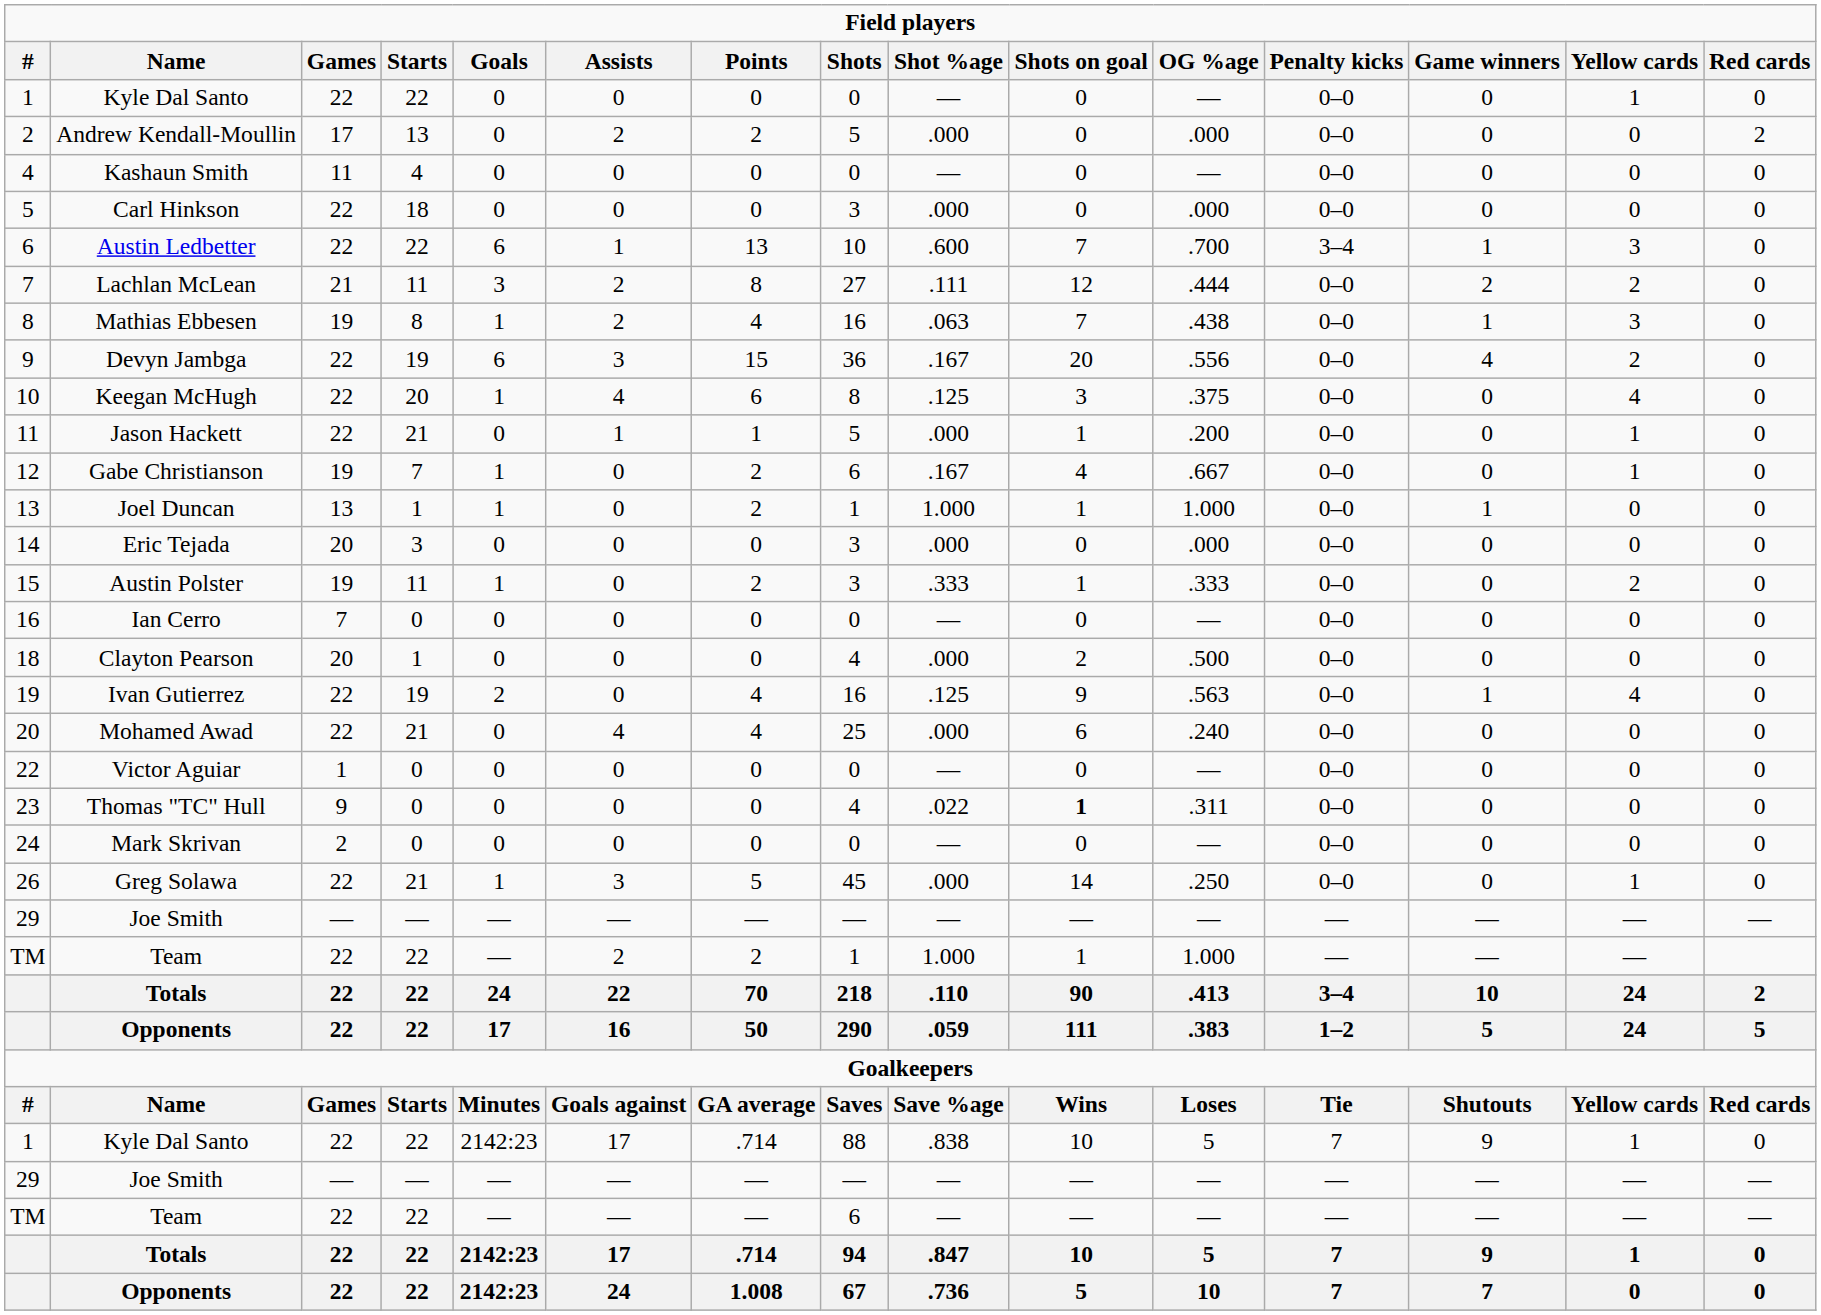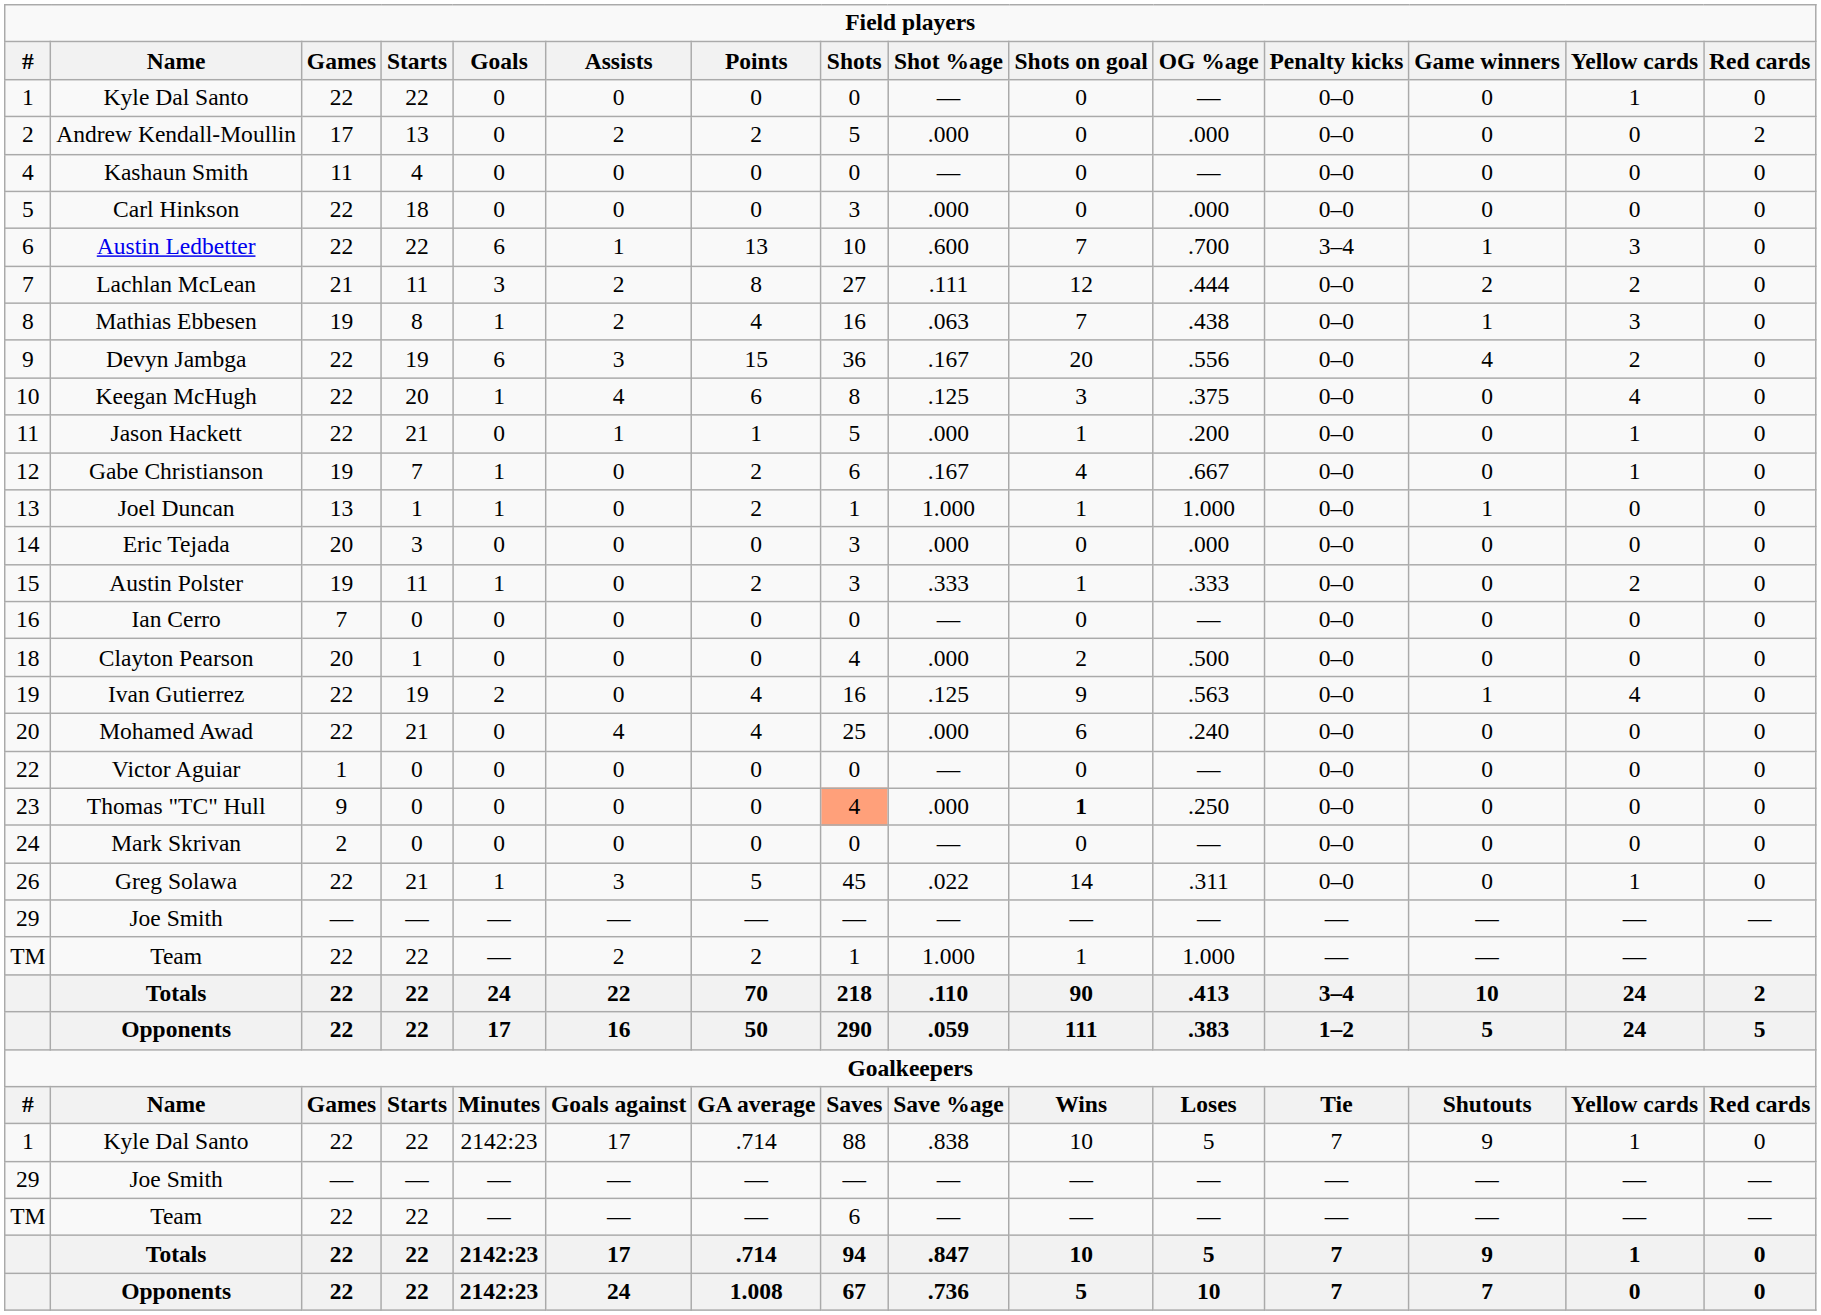 <table class="wikitable sortable" style="text-align:center; text-width:90%;">
 <tr>
 <td colspan="15"><strong>Field players</strong></td>
 </tr>
 <tr>
 <th>#</th>
 <th>Name</th>
 <th>Games</th>
 <th>Starts</th>
 <th>Goals</th>
 <th>Assists</th>
 <th>Points</th>
 <th>Shots</th>
 <th>Shot %age</th>
 <th>Shots on goal</th>
 <th>OG %age</th>
 <th>Penalty kicks</th>
 <th>Game winners</th>
 <th>Yellow cards</th>
 <th>Red cards</th>
 </tr>
 <tr>
 <td>1</td>
 <td>Kyle Dal Santo</td>
 <td>22</td>
 <td>22</td>
 <td>0</td>
 <td>0</td>
 <td>0</td>
 <td>0</td>
 <td>—</td>
 <td>0</td>
 <td>—</td>
 <td>0–0</td>
 <td>0</td>
 <td>1</td>
 <td>0</td>
 </tr>
 <tr>
 <td>2</td>
 <td>Andrew Kendall-Moullin</td>
 <td>17</td>
 <td>13</td>
 <td>0</td>
 <td>2</td>
 <td>2</td>
 <td>5</td>
 <td>.000</td>
 <td>0</td>
 <td>.000</td>
 <td>0–0</td>
 <td>0</td>
 <td>0</td>
 <td>2</td>
 </tr>
 <tr>
 <td>4</td>
 <td>Kashaun Smith</td>
 <td>11</td>
 <td>4</td>
 <td>0</td>
 <td>0</td>
 <td>0</td>
 <td>0</td>
 <td>—</td>
 <td>0</td>
 <td>—</td>
 <td>0–0</td>
 <td>0</td>
 <td>0</td>
 <td>0</td>
 </tr>
 <tr>
 <td>5</td>
 <td>Carl Hinkson</td>
 <td>22</td>
 <td>18</td>
 <td>0</td>
 <td>0</td>
 <td>0</td>
 <td>3</td>
 <td>.000</td>
 <td>0</td>
 <td>.000</td>
 <td>0–0</td>
 <td>0</td>
 <td>0</td>
 <td>0</td>
 </tr>
 <tr>
 <td>6</td>
 <td><a href='#'>Austin Ledbetter</a></td>
 <td>22</td>
 <td>22</td>
 <td>6</td>
 <td>1</td>
 <td>13</td>
 <td>10</td>
 <td>.600</td>
 <td>7</td>
 <td>.700</td>
 <td>3–4</td>
 <td>1</td>
 <td>3</td>
 <td>0</td>
 </tr>
 <tr>
 <td>7</td>
 <td>Lachlan McLean</td>
 <td>21</td>
 <td>11</td>
 <td>3</td>
 <td>2</td>
 <td>8</td>
 <td>27</td>
 <td>.111</td>
 <td>12</td>
 <td>.444</td>
 <td>0–0</td>
 <td>2</td>
 <td>2</td>
 <td>0</td>
 </tr>
 <tr>
 <td>8</td>
 <td>Mathias Ebbesen</td>
 <td>19</td>
 <td>8</td>
 <td>1</td>
 <td>2</td>
 <td>4</td>
 <td>16</td>
 <td>.063</td>
 <td>7</td>
 <td>.438</td>
 <td>0–0</td>
 <td>1</td>
 <td>3</td>
 <td>0</td>
 </tr>
 <tr>
 <td>9</td>
 <td>Devyn Jambga</td>
 <td>22</td>
 <td>19</td>
 <td>6</td>
 <td>3</td>
 <td>15</td>
 <td>36</td>
 <td>.167</td>
 <td>20</td>
 <td>.556</td>
 <td>0–0</td>
 <td>4</td>
 <td>2</td>
 <td>0</td>
 </tr>
 <tr>
 <td>10</td>
 <td>Keegan McHugh</td>
 <td>22</td>
 <td>20</td>
 <td>1</td>
 <td>4</td>
 <td>6</td>
 <td>8</td>
 <td>.125</td>
 <td>3</td>
 <td>.375</td>
 <td>0–0</td>
 <td>0</td>
 <td>4</td>
 <td>0</td>
 </tr>
 <tr>
 <td>11</td>
 <td>Jason Hackett</td>
 <td>22</td>
 <td>21</td>
 <td>0</td>
 <td>1</td>
 <td>1</td>
 <td>5</td>
 <td>.000</td>
 <td>1</td>
 <td>.200</td>
 <td>0–0</td>
 <td>0</td>
 <td>1</td>
 <td>0</td>
 </tr>
 <tr>
 <td>12</td>
 <td>Gabe Christianson</td>
 <td>19</td>
 <td>7</td>
 <td>1</td>
 <td>0</td>
 <td>2</td>
 <td>6</td>
 <td>.167</td>
 <td>4</td>
 <td>.667</td>
 <td>0–0</td>
 <td>0</td>
 <td>1</td>
 <td>0</td>
 </tr>
 <tr>
 <td>13</td>
 <td>Joel Duncan</td>
 <td>13</td>
 <td>1</td>
 <td>1</td>
 <td>0</td>
 <td>2</td>
 <td>1</td>
 <td>1.000</td>
 <td>1</td>
 <td>1.000</td>
 <td>0–0</td>
 <td>1</td>
 <td>0</td>
 <td>0</td>
 </tr>
 <tr>
 <td>14</td>
 <td>Eric Tejada</td>
 <td>20</td>
 <td>3</td>
 <td>0</td>
 <td>0</td>
 <td>0</td>
 <td>3</td>
 <td>.000</td>
 <td>0</td>
 <td>.000</td>
 <td>0–0</td>
 <td>0</td>
 <td>0</td>
 <td>0</td>
 </tr>
 <tr>
 <td>15</td>
 <td>Austin Polster</td>
 <td>19</td>
 <td>11</td>
 <td>1</td>
 <td>0</td>
 <td>2</td>
 <td>3</td>
 <td>.333</td>
 <td>1</td>
 <td>.333</td>
 <td>0–0</td>
 <td>0</td>
 <td>2</td>
 <td>0</td>
 </tr>
 <tr>
 <td>16</td>
 <td>Ian Cerro</td>
 <td>7</td>
 <td>0</td>
 <td>0</td>
 <td>0</td>
 <td>0</td>
 <td>0</td>
 <td>—</td>
 <td>0</td>
 <td>—</td>
 <td>0–0</td>
 <td>0</td>
 <td>0</td>
 <td>0</td>
 </tr>
 <tr>
 <td>18</td>
 <td>Clayton Pearson</td>
 <td>20</td>
 <td>1</td>
 <td>0</td>
 <td>0</td>
 <td>0</td>
 <td>4</td>
 <td>.000</td>
 <td>2</td>
 <td>.500</td>
 <td>0–0</td>
 <td>0</td>
 <td>0</td>
 <td>0</td>
 </tr>
 <tr>
 <td>19</td>
 <td>Ivan Gutierrez</td>
 <td>22</td>
 <td>19</td>
 <td>2</td>
 <td>0</td>
 <td>4</td>
 <td>16</td>
 <td>.125</td>
 <td>9</td>
 <td>.563</td>
 <td>0–0</td>
 <td>1</td>
 <td>4</td>
 <td>0</td>
 </tr>
 <tr>
 <td>20</td>
 <td>Mohamed Awad</td>
 <td>22</td>
 <td>21</td>
 <td>0</td>
 <td>4</td>
 <td>4</td>
 <td>25</td>
 <td>.000</td>
 <td>6</td>
 <td>.240</td>
 <td>0–0</td>
 <td>0</td>
 <td>0</td>
 <td>0</td>
 </tr>
 <tr>
 <td>22</td>
 <td>Victor Aguiar</td>
 <td>1</td>
 <td>0</td>
 <td>0</td>
 <td>0</td>
 <td>0</td>
 <td>0</td>
 <td>—</td>
 <td>0</td>
 <td>—</td>
 <td>0–0</td>
 <td>0</td>
 <td>0</td>
 <td>0</td>
 </tr>
 <tr>
 <td>23</td>
 <td>Thomas "TC" Hull</td>
 <td>9</td>
 <td>0</td>
 <td>0</td>
 <td>0</td>
 <td>0</td>
-<td>4</td>
-<td>.022</td>
+<td style="background: lightsalmon;">4</td>
+<td>.000</td>
 <td><strong>1</strong></td>
-<td>.311</td>
+<td>.250</td>
 <td>0–0</td>
 <td>0</td>
 <td>0</td>
 <td>0</td>
 </tr>
 <tr>
 <td>24</td>
 <td>Mark Skrivan</td>
 <td>2</td>
 <td>0</td>
 <td>0</td>
 <td>0</td>
 <td>0</td>
 <td>0</td>
 <td>—</td>
 <td>0</td>
 <td>—</td>
 <td>0–0</td>
 <td>0</td>
 <td>0</td>
 <td>0</td>
 </tr>
 <tr>
 <td>26</td>
 <td>Greg Solawa</td>
 <td>22</td>
 <td>21</td>
 <td>1</td>
 <td>3</td>
 <td>5</td>
 <td>45</td>
-<td>.000</td>
+<td>.022</td>
 <td>14</td>
-<td>.250</td>
+<td>.311</td>
 <td>0–0</td>
 <td>0</td>
 <td>1</td>
 <td>0</td>
 </tr>
 <tr>
 <td>29</td>
 <td>Joe Smith</td>
 <td>—</td>
 <td>—</td>
 <td>—</td>
 <td>—</td>
 <td>—</td>
 <td>—</td>
 <td>—</td>
 <td>—</td>
 <td>—</td>
 <td>—</td>
 <td>—</td>
 <td>—</td>
 <td>—</td>
 </tr>
 <tr>
 <td>TM</td>
 <td>Team</td>
 <td>22</td>
 <td>22</td>
 <td>—</td>
 <td>2</td>
 <td>2</td>
 <td>1</td>
 <td>1.000</td>
 <td>1</td>
 <td>1.000</td>
 <td>—</td>
 <td>—</td>
 <td>—</td>
 </tr>
 <tr>
 <th></th>
 <th>Totals</th>
 <th>22</th>
 <th>22</th>
 <th>24</th>
 <th>22</th>
 <th>70</th>
 <th>218</th>
 <th>.110</th>
 <th>90</th>
 <th>.413</th>
 <th>3–4</th>
 <th>10</th>
 <th>24</th>
 <th>2</th>
 </tr>
 <tr>
 <th></th>
 <th>Opponents</th>
 <th>22</th>
 <th>22</th>
 <th>17</th>
 <th>16</th>
 <th>50</th>
 <th>290</th>
 <th>.059</th>
 <th>111</th>
 <th>.383</th>
 <th>1–2</th>
 <th>5</th>
 <th>24</th>
 <th>5</th>
 </tr>
 <tr>
 <td colspan="15"><strong>Goalkeepers</strong></td>
 </tr>
 <tr>
 <th>#</th>
 <th>Name</th>
 <th>Games</th>
 <th>Starts</th>
 <th>Minutes</th>
 <th>Goals against</th>
 <th>GA average</th>
 <th>Saves</th>
 <th>Save %age</th>
 <th>Wins</th>
 <th>Loses</th>
 <th>Tie</th>
 <th>Shutouts</th>
 <th>Yellow cards</th>
 <th>Red cards</th>
 </tr>
 <tr>
 <td>1</td>
 <td>Kyle Dal Santo</td>
 <td>22</td>
 <td>22</td>
 <td>2142:23</td>
 <td>17</td>
 <td>.714</td>
 <td>88</td>
 <td>.838</td>
 <td>10</td>
 <td>5</td>
 <td>7</td>
 <td>9</td>
 <td>1</td>
 <td>0</td>
 </tr>
 <tr>
 <td>29</td>
 <td>Joe Smith</td>
 <td>—</td>
 <td>—</td>
 <td>—</td>
 <td>—</td>
 <td>—</td>
 <td>—</td>
 <td>—</td>
 <td>—</td>
 <td>—</td>
 <td>—</td>
 <td>—</td>
 <td>—</td>
 <td>—</td>
 </tr>
 <tr>
 <td>TM</td>
 <td>Team</td>
 <td>22</td>
 <td>22</td>
 <td>—</td>
 <td>—</td>
 <td>—</td>
 <td>6</td>
 <td>—</td>
 <td>—</td>
 <td>—</td>
 <td>—</td>
 <td>—</td>
 <td>—</td>
 <td>—</td>
 </tr>
 <tr>
 <th></th>
 <th>Totals</th>
 <th>22</th>
 <th>22</th>
 <th>2142:23</th>
 <th>17</th>
 <th>.714</th>
 <th>94</th>
 <th>.847</th>
 <th>10</th>
 <th>5</th>
 <th>7</th>
 <th>9</th>
 <th>1</th>
 <th>0</th>
 </tr>
 <tr>
 <th></th>
 <th>Opponents</th>
 <th>22</th>
 <th>22</th>
 <th>2142:23</th>
 <th>24</th>
 <th>1.008</th>
 <th>67</th>
 <th>.736</th>
 <th>5</th>
 <th>10</th>
 <th>7</th>
 <th>7</th>
 <th>0</th>
 <th>0</th>
 </tr>
 </table>
